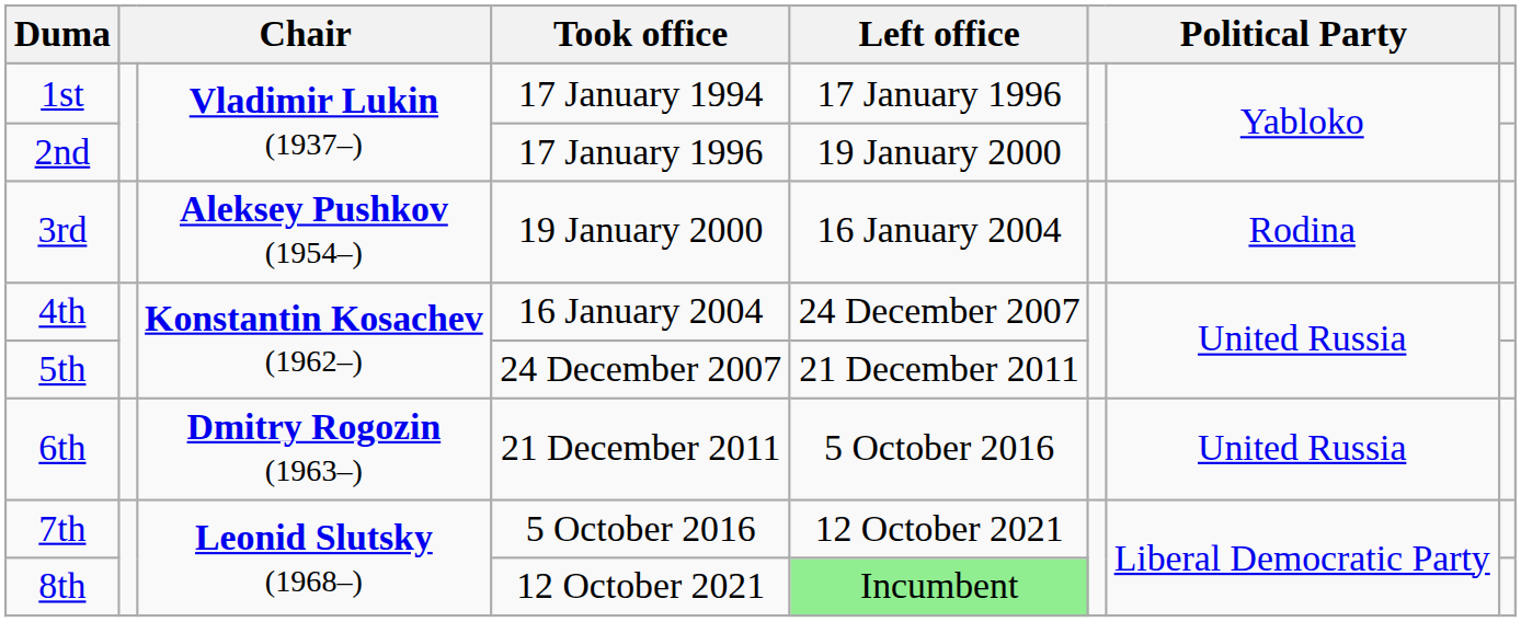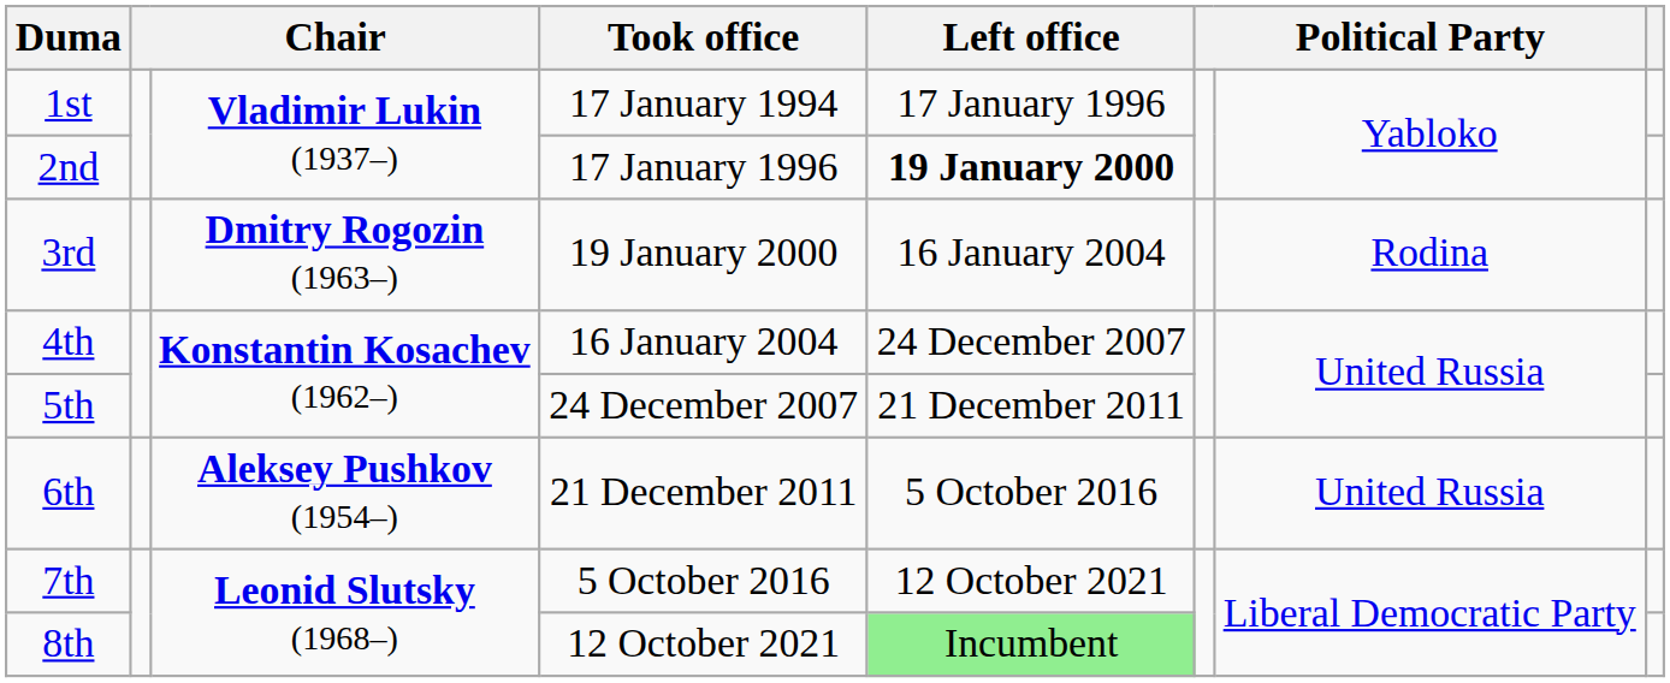 <table class="wikitable">
 <tr>
 <th>Duma</th>
 <th colspan=2>Chair</th>
 <th>Took office</th>
 <th>Left office</th>
 <th colspan=2>Political Party</th>
 <th></th>
 </tr>
 <tr>
 <td align=center><a href='#'>1st</a></td>
 <td rowspan=2 align=center></td>
 <td rowspan=2 align=center><strong><a href='#'>Vladimir Lukin</a></strong><br><small>(1937–)</small></td>
 <td align=center>17 January 1994</td>
 <td align=center>17 January 1996</td>
 <td rowspan=2 align=center style="background: "></td>
 <td rowspan=2 align=center><a href='#'>Yabloko</a></td>
 <td align=center></td>
 </tr>
 <tr>
 <td align=center><a href='#'>2nd</a></td>
 <td align=center>17 January 1996</td>
-<td align=center>19 January 2000</td>
+<td align=center><strong>19 January 2000</strong></td>
 <td align=center></td>
 </tr>
 <tr>
 <td align=center><a href='#'>3rd</a></td>
 <td align=center></td>
-<td align=center><strong><a href='#'>Aleksey Pushkov</a></strong><br><small>(1954–)</small></td>
+<td align=center><strong><a href='#'>Dmitry Rogozin</a></strong><br><small>(1963–)</small></td>
 <td align=center>19 January 2000</td>
 <td align=center>16 January 2004</td>
 <td align=center style="background: "></td>
 <td align=center><a href='#'>Rodina</a></td>
 <td align=center></td>
 </tr>
 <tr>
 <td align=center><a href='#'>4th</a></td>
 <td rowspan=2 align=center></td>
 <td rowspan=2 align=center><strong><a href='#'>Konstantin Kosachev</a></strong><br><small>(1962–)</small></td>
 <td align=center>16 January 2004</td>
 <td align=center>24 December 2007</td>
 <td rowspan=2 align=center style="background: "></td>
 <td rowspan=2 align=center><a href='#'>United Russia</a></td>
 <td align=center></td>
 </tr>
 <tr>
 <td align=center><a href='#'>5th</a></td>
 <td align=center>24 December 2007</td>
 <td align=center>21 December 2011</td>
 <td align=center></td>
 </tr>
 <tr>
 <td align=center><a href='#'>6th</a></td>
 <td align=center></td>
-<td align=center><strong><a href='#'>Dmitry Rogozin</a></strong><br><small>(1963–)</small></td>
+<td align=center><strong><a href='#'>Aleksey Pushkov</a></strong><br><small>(1954–)</small></td>
 <td align=center>21 December 2011</td>
 <td align=center>5 October 2016</td>
 <td align=center style="background: "></td>
 <td align=center><a href='#'>United Russia</a></td>
 <td align=center></td>
 </tr>
 <tr>
 <td align=center><a href='#'>7th</a></td>
 <td rowspan=2 align=center></td>
 <td rowspan=2 align=center><strong><a href='#'>Leonid Slutsky</a></strong><br><small>(1968–)</small></td>
 <td align=center>5 October 2016</td>
 <td align=center>12 October 2021</td>
 <td rowspan=2 align=center style="background: "></td>
 <td rowspan=2 align=center><a href='#'>Liberal Democratic Party</a></td>
 <td align=center></td>
 </tr>
 <tr>
 <td align=center><a href='#'>8th</a></td>
 <td align=center>12 October 2021</td>
 <td align=center style="background: lightgreen;">Incumbent</td>
 <td align=center></td>
 </tr>
 </table>
